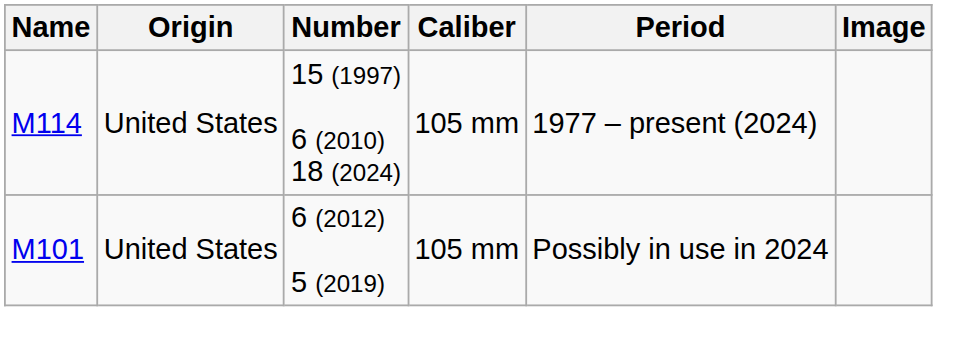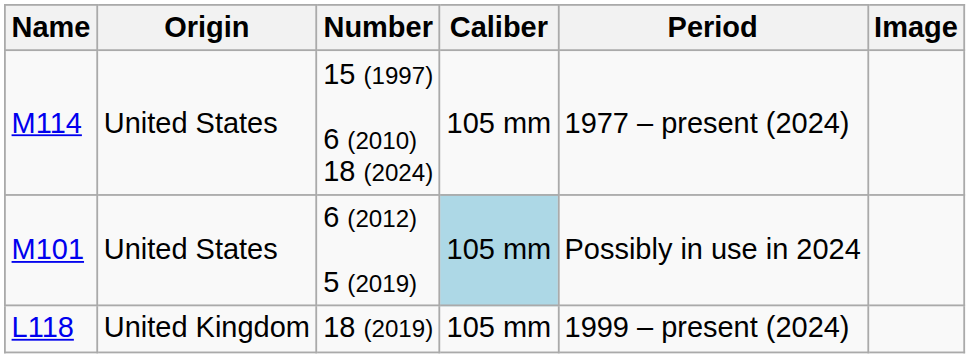 <table class="wikitable mw-collapsible mw-collapsed">
 <tr>
 <th>Name</th>
 <th>Origin</th>
 <th>Number</th>
 <th>Caliber</th>
 <th>Period</th>
 <th>Image</th>
 </tr>
 <tr>
 <td><a href='#'>M114</a></td>
 <td>United States</td>
 <td>15 <small>(1997)</small><br><br>6 <small>(2010)</small><br> 18 <small>(2024)</small></td>
 <td>105 mm</td>
 <td>1977 – present (2024)</td>
 <td></td>
 </tr>
 <tr>
 <td><a href='#'>M101</a></td>
 <td>United States</td>
 <td>6 <small>(2012)</small><br><br>5 <small>(2019)</small></td>
-<td>105 mm</td>
+<td style="background: lightblue;">105 mm</td>
 <td>Possibly in use in 2024</td>
 <td></td>
 </tr>
+<tr>
+<td><a href='#'>L118</a></td>
+<td>United Kingdom</td>
+<td>18 <small>(2019)</small></td>
+<td>105 mm</td>
+<td>1999 – present (2024)</td>
+<td></td>
+</tr>
 </table>
